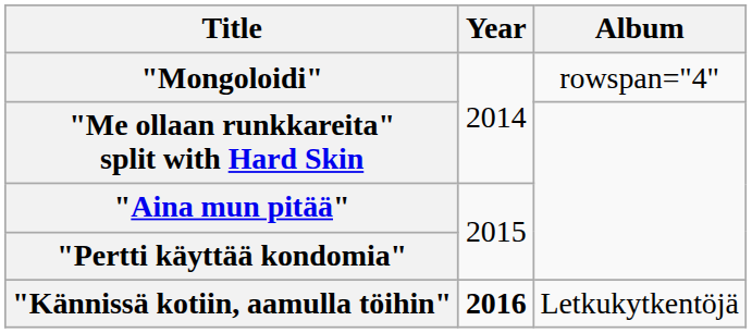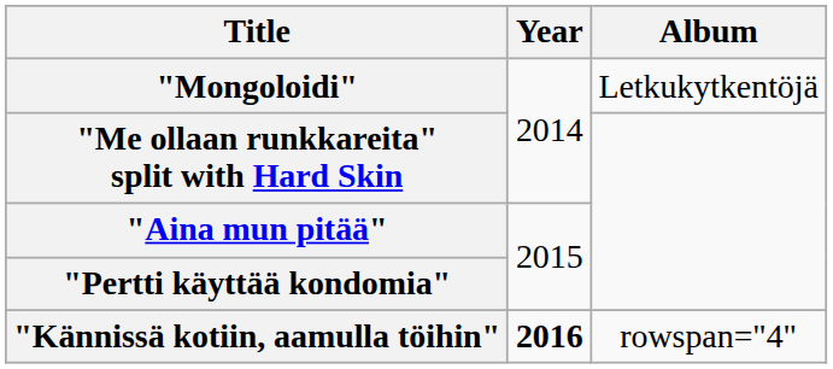 <table class="wikitable plainrowheaders" style="text-align:center;">
 <tr>
 <th scope="col">Title</th>
 <th scope="col">Year</th>
 <th scope="col">Album</th>
 </tr>
 <tr>
 <th scope="row">"Mongoloidi"</th>
 <td rowspan="2">2014</td>
-<td>rowspan="4" </td>
+<td rowspan="1">Letkukytkentöjä</td>
 </tr>
 <tr>
 <th scope="row">"Me ollaan runkkareita"<br>split with <a href='#'>Hard Skin</a></th>
 </tr>
 <tr>
 <th scope="row">"<a href='#'>Aina mun pitää</a>"</th>
 <td rowspan="2">2015</td>
 </tr>
 <tr>
 <th scope="row">"Pertti käyttää kondomia"</th>
 </tr>
 <tr>
 <th scope="row">"Kännissä kotiin, aamulla töihin"</th>
 <td rowspan="1"><strong>2016</strong></td>
-<td rowspan="1">Letkukytkentöjä</td>
+<td>rowspan="4" </td>
 </tr>
 </table>
